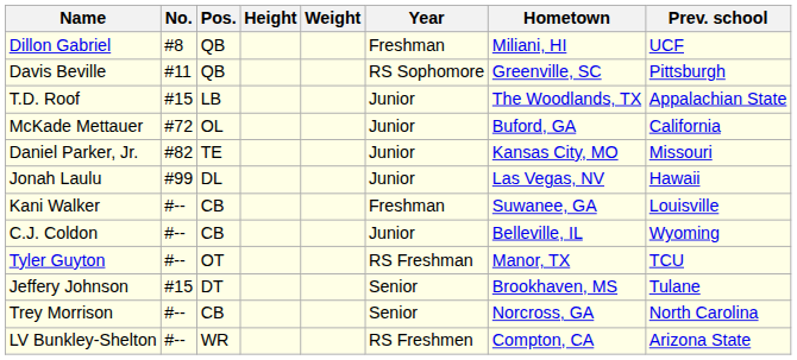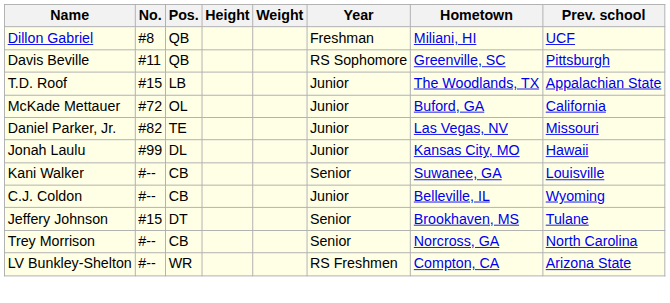 <table class="wikitable sortable">
 <tr>
 <th>Name</th>
 <th>No.</th>
 <th>Pos.</th>
 <th>Height</th>
 <th>Weight</th>
 <th>Year</th>
 <th>Hometown</th>
 <th class="unsortable">Prev. school</th>
 </tr>
 <tr style="background:#FFFFE6;">
 <td><a href='#'>Dillon Gabriel</a></td>
 <td>#8</td>
 <td>QB</td>
 <td></td>
 <td></td>
 <td>Freshman</td>
 <td><a href='#'>Miliani, HI</a></td>
 <td><a href='#'>UCF</a></td>
 </tr>
 <tr style="background:#FFFFE6;">
 <td>Davis Beville</td>
 <td>#11</td>
 <td>QB</td>
 <td></td>
 <td></td>
 <td>RS Sophomore</td>
 <td><a href='#'>Greenville, SC</a></td>
 <td><a href='#'>Pittsburgh</a></td>
 </tr>
 <tr style="background:#FFFFE6;">
 <td>T.D. Roof</td>
 <td>#15</td>
 <td>LB</td>
 <td></td>
 <td></td>
 <td>Junior</td>
 <td><a href='#'>The Woodlands, TX</a></td>
 <td><a href='#'>Appalachian State</a></td>
 </tr>
 <tr style="background:#FFFFE6;">
 <td>McKade Mettauer</td>
 <td>#72</td>
 <td>OL</td>
 <td></td>
 <td></td>
 <td>Junior</td>
 <td><a href='#'>Buford, GA</a></td>
 <td><a href='#'>California</a></td>
 </tr>
 <tr style="background:#FFFFE6;">
 <td>Daniel Parker, Jr.</td>
 <td>#82</td>
 <td>TE</td>
 <td></td>
 <td></td>
 <td>Junior</td>
-<td><a href='#'>Kansas City, MO</a></td>
+<td><a href='#'>Las Vegas, NV</a></td>
 <td><a href='#'>Missouri</a></td>
 </tr>
 <tr style="background:#FFFFE6;">
 <td>Jonah Laulu</td>
 <td>#99</td>
 <td>DL</td>
 <td></td>
 <td></td>
 <td>Junior</td>
-<td><a href='#'>Las Vegas, NV</a></td>
+<td><a href='#'>Kansas City, MO</a></td>
 <td><a href='#'>Hawaii</a></td>
 </tr>
 <tr style="background:#FFFFE6;">
 <td>Kani Walker</td>
 <td>#--</td>
 <td>CB</td>
 <td></td>
 <td></td>
-<td>Freshman</td>
+<td>Senior</td>
 <td><a href='#'>Suwanee, GA</a></td>
 <td><a href='#'>Louisville</a></td>
 </tr>
 <tr style="background:#FFFFE6;">
 <td>C.J. Coldon</td>
 <td>#--</td>
 <td>CB</td>
 <td></td>
 <td></td>
 <td>Junior</td>
 <td><a href='#'>Belleville, IL</a></td>
 <td><a href='#'>Wyoming</a></td>
-</tr>
-<tr style="background:#FFFFE6;">
-<td><a href='#'>Tyler Guyton</a></td>
-<td>#--</td>
-<td>OT</td>
-<td></td>
-<td></td>
-<td>RS Freshman</td>
-<td><a href='#'>Manor, TX</a></td>
-<td><a href='#'>TCU</a></td>
 </tr>
 <tr style="background:#FFFFE6;">
 <td>Jeffery Johnson</td>
 <td>#15</td>
 <td>DT</td>
 <td></td>
 <td></td>
 <td>Senior</td>
 <td><a href='#'>Brookhaven, MS</a></td>
 <td><a href='#'>Tulane</a></td>
 </tr>
 <tr style="background:#FFFFE6;">
 <td>Trey Morrison</td>
 <td>#--</td>
 <td>CB</td>
 <td></td>
 <td></td>
 <td>Senior</td>
 <td><a href='#'>Norcross, GA</a></td>
 <td><a href='#'>North Carolina</a></td>
 </tr>
 <tr style="background:#FFFFE6;">
 <td>LV Bunkley-Shelton</td>
 <td>#--</td>
 <td>WR</td>
 <td></td>
 <td></td>
 <td>RS Freshmen</td>
 <td><a href='#'>Compton, CA</a></td>
 <td><a href='#'>Arizona State</a></td>
 </tr>
 </table>
